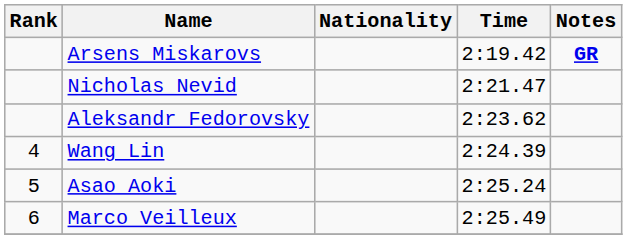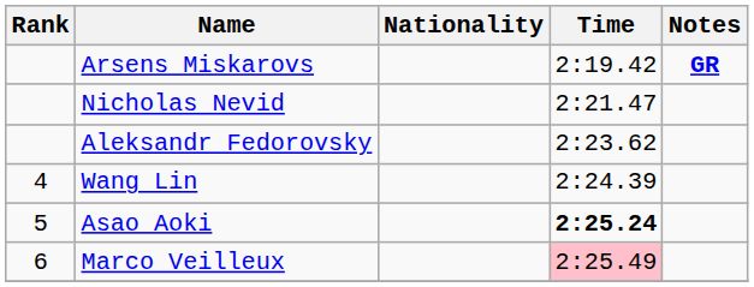 <table class="wikitable sortable" style="text-align:center">
 <tr>
 <th>Rank</th>
 <th>Name</th>
 <th>Nationality</th>
 <th>Time</th>
 <th>Notes</th>
 </tr>
 <tr>
 <td></td>
 <td align="left"><a href='#'>Arsens Miskarovs</a></td>
 <td align="left"></td>
 <td>2:19.42</td>
 <td><strong><a href='#'>GR</a></strong></td>
 </tr>
 <tr>
 <td></td>
 <td align="left"><a href='#'>Nicholas Nevid</a></td>
 <td align="left"></td>
 <td>2:21.47</td>
 <td></td>
 </tr>
 <tr>
 <td></td>
 <td align="left"><a href='#'>Aleksandr Fedorovsky</a></td>
 <td align="left"></td>
 <td>2:23.62</td>
 <td></td>
 </tr>
 <tr>
 <td>4</td>
 <td align="left"><a href='#'>Wang Lin</a></td>
 <td align="left"></td>
 <td>2:24.39</td>
 <td></td>
 </tr>
 <tr>
 <td>5</td>
 <td align="left"><a href='#'>Asao Aoki</a></td>
 <td align="left"></td>
-<td>2:25.24</td>
+<td><strong>2:25.24</strong></td>
 <td></td>
 </tr>
 <tr>
 <td>6</td>
 <td align="left"><a href='#'>Marco Veilleux</a></td>
 <td align="left"></td>
-<td>2:25.49</td>
+<td style="background: pink;">2:25.49</td>
 <td></td>
 </tr>
 <tr>
 </tr>
 </table>
